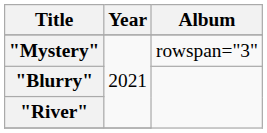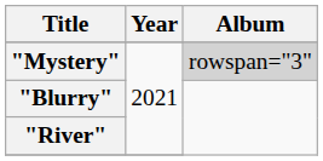 <table class="wikitable plainrowheaders" style="text-align:center;">
 <tr>
 <th scope="col">Title</th>
 <th scope="col">Year</th>
 <th scope="col">Album</th>
 </tr>
 <tr>
 </tr>
 <tr>
 <th scope="row">"Mystery"</th>
 <td rowspan="3">2021</td>
-<td>rowspan="3" </td>
+<td style="background: lightgrey;">rowspan="3" </td>
 </tr>
 <tr>
 <th scope="row">"Blurry"</th>
 </tr>
 <tr>
 <th scope="row">"River"</th>
 </tr>
 <tr>
 </tr>
 </table>
